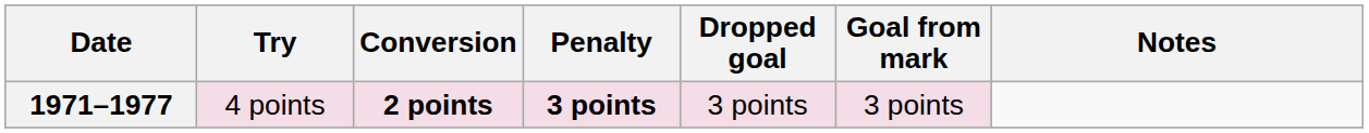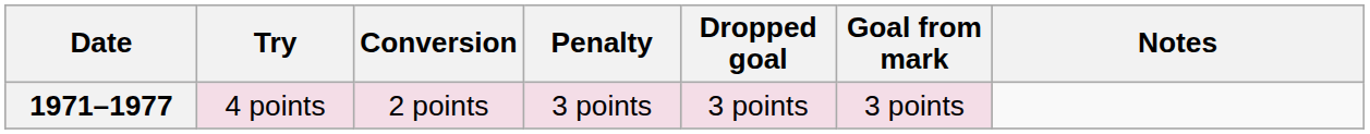 <table class="wikitable">
 <tr>
 <th scope="col" width="100px">Date</th>
 <th scope="col" width="80px">Try</th>
 <th scope="col" width="80px">Conversion</th>
 <th scope="col" width="80px">Penalty</th>
 <th scope="col" width="80px">Dropped goal</th>
 <th scope="col" width="80px">Goal from mark</th>
 <th scope="col" width="200px">Notes<br></th>
 </tr>
 <tr style="text-align:center; background:#F4DDE7;">
 <th>1971–1977</th>
 <td>4 points</td>
-<td><strong>2 points</strong></td>
-<td><strong>3 points</strong></td>
+<td>2 points</td>
+<td>3 points</td>
 <td>3 points</td>
 <td>3 points<br></td>
 </tr>
 </table>
